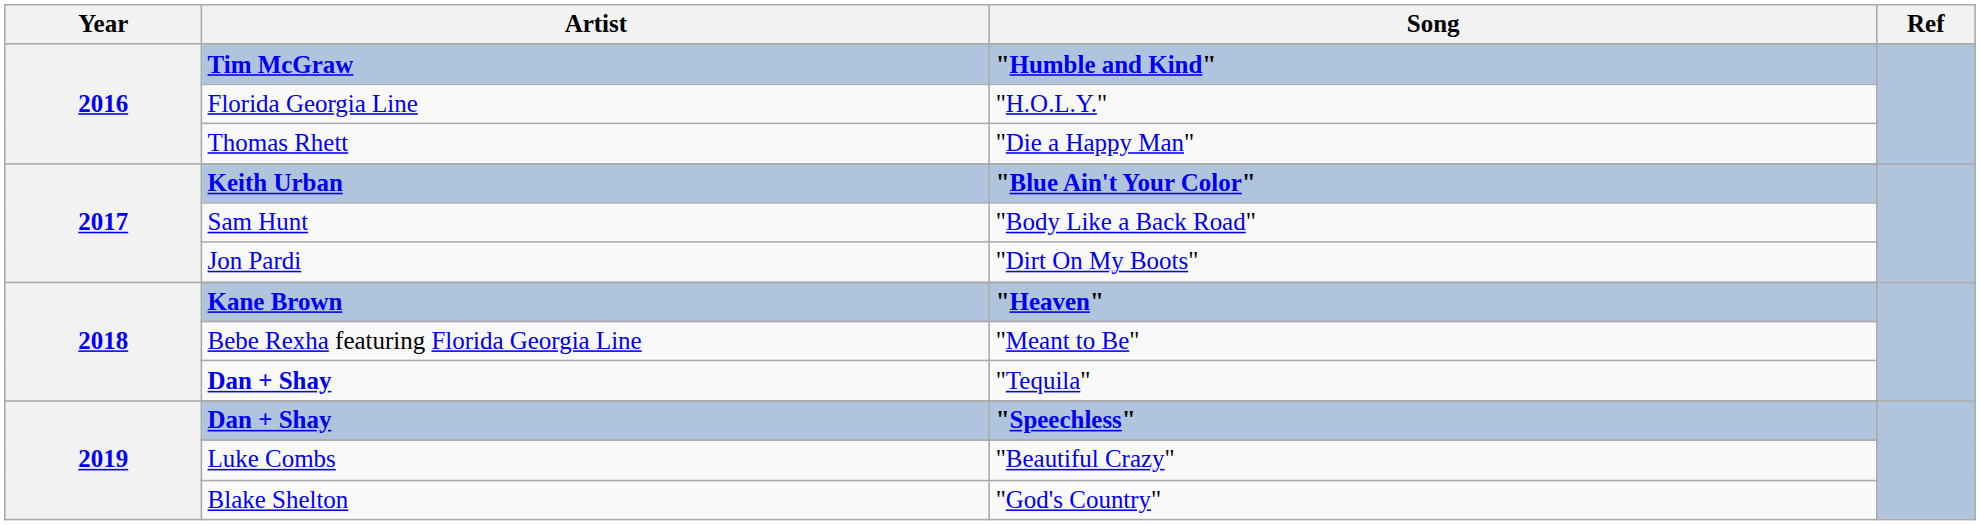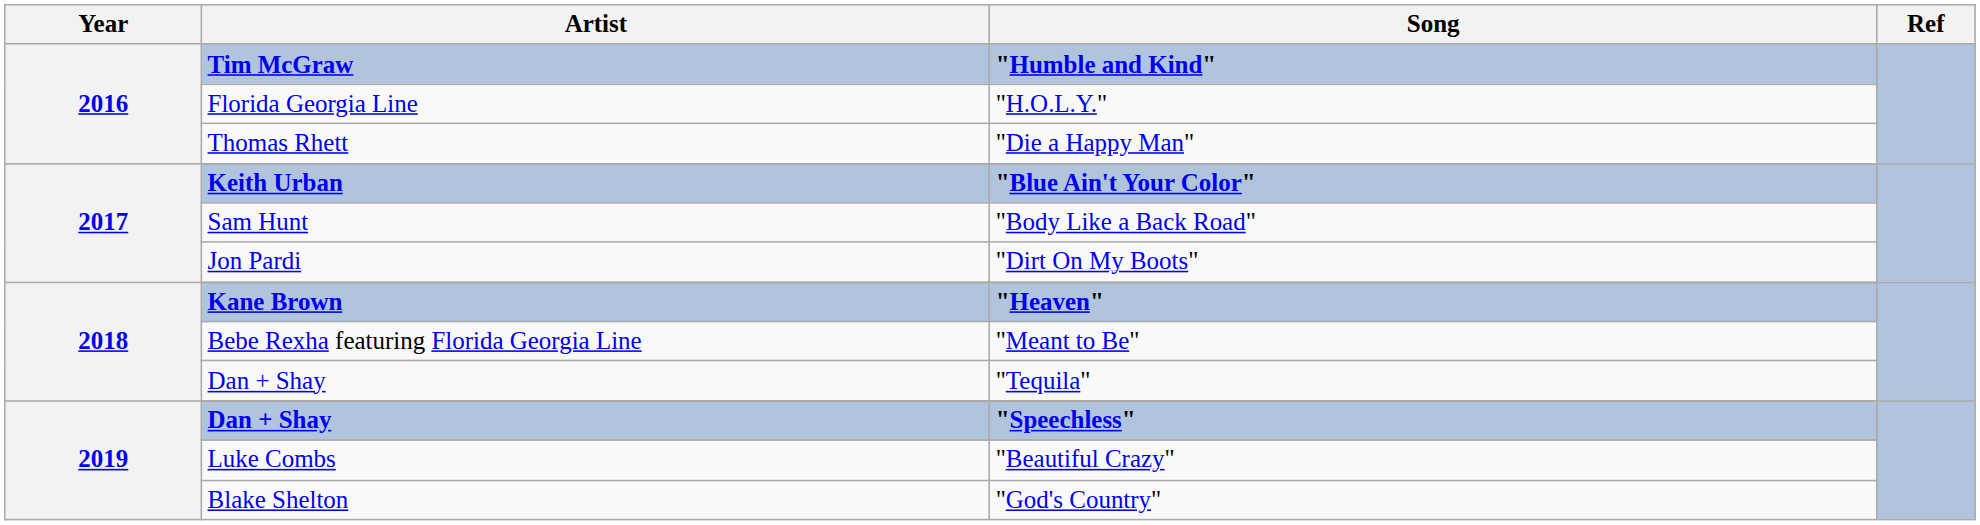 <table class="wikitable" width="100%">
 <tr>
 <th width="10%">Year</th>
 <th width="40%">Artist</th>
 <th width="45%">Song</th>
 <th width="5%">Ref</th>
 </tr>
 <tr>
 <th rowspan="4" align="center"><a href='#'>2016<br></a></th>
 </tr>
 <tr style="background:#B0C4DE">
 <td><strong><a href='#'>Tim McGraw</a></strong></td>
 <td><strong>"<a href='#'>Humble and Kind</a>"</strong></td>
 <td rowspan="4" align="center"></td>
 </tr>
 <tr>
 <td><a href='#'>Florida Georgia Line</a></td>
 <td>"<a href='#'>H.O.L.Y.</a>"</td>
 </tr>
 <tr>
 <td><a href='#'>Thomas Rhett</a></td>
 <td>"<a href='#'>Die a Happy Man</a>"</td>
 </tr>
 <tr>
 <th rowspan="4" align="center"><a href='#'>2017<br></a></th>
 </tr>
 <tr style="background:#B0C4DE">
 <td><strong><a href='#'>Keith Urban</a></strong></td>
 <td><strong>"<a href='#'>Blue Ain't Your Color</a>"</strong></td>
 <td rowspan="4" align="center"></td>
 </tr>
 <tr>
 <td><a href='#'>Sam Hunt</a></td>
 <td>"<a href='#'>Body Like a Back Road</a>"</td>
 </tr>
 <tr>
 <td><a href='#'>Jon Pardi</a></td>
 <td>"<a href='#'>Dirt On My Boots</a>"</td>
 </tr>
 <tr>
 <th rowspan="4" align="center"><a href='#'>2018<br></a></th>
 </tr>
 <tr style="background:#B0C4DE">
 <td><strong><a href='#'>Kane Brown</a></strong></td>
 <td><strong>"<a href='#'>Heaven</a>"</strong></td>
 <td rowspan="4" align="center"></td>
 </tr>
 <tr>
 <td><a href='#'>Bebe Rexha</a> featuring <a href='#'>Florida Georgia Line</a></td>
 <td>"<a href='#'>Meant to Be</a>"</td>
 </tr>
 <tr>
-<td><strong><a href='#'>Dan + Shay</a></strong></td>
+<td><a href='#'>Dan + Shay</a></td>
 <td>"<a href='#'>Tequila</a>"</td>
 </tr>
 <tr>
 <th rowspan="4" align="center"><a href='#'>2019<br></a></th>
 </tr>
 <tr style="background:#B0C4DE">
 <td><strong><a href='#'>Dan + Shay</a></strong></td>
 <td><strong>"<a href='#'>Speechless</a>"</strong></td>
 <td rowspan="4" align="center"></td>
 </tr>
 <tr>
 <td><a href='#'>Luke Combs</a></td>
 <td>"<a href='#'>Beautiful Crazy</a>"</td>
 </tr>
 <tr>
 <td><a href='#'>Blake Shelton</a></td>
 <td>"<a href='#'>God's Country</a>"</td>
 </tr>
 </table>
